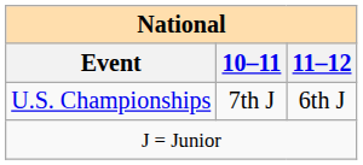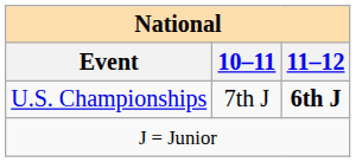 <table class="wikitable" style="text-align:center">
 <tr>
 <th colspan="3" style="background-color: #ffdead; " align="center">National</th>
 </tr>
 <tr>
 <th>Event</th>
 <th><a href='#'>10–11</a></th>
 <th><a href='#'>11–12</a></th>
 </tr>
 <tr>
 <td align=left><a href='#'>U.S. Championships</a></td>
 <td>7th J</td>
-<td>6th J</td>
+<td><strong>6th J</strong></td>
 </tr>
 <tr>
 <td colspan="3" align="center"><small> J = Junior</small></td>
 </tr>
 </table>
